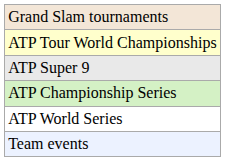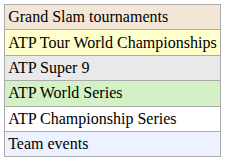 <table class="wikitable">
 <tr bgcolor="#F3E6D7">
 <td>Grand Slam tournaments</td>
 </tr>
 <tr bgcolor="#ffffcc">
 <td>ATP Tour World Championships</td>
 </tr>
 <tr bgcolor="#E9E9E9">
 <td>ATP Super 9</td>
 </tr>
 <tr bgcolor="#D4F1C5">
-<td>ATP Championship Series</td>
+<td>ATP World Series</td>
 </tr>
 <tr bgcolor="#ffffff">
-<td>ATP World Series</td>
+<td>ATP Championship Series</td>
 </tr>
 <tr bgcolor="#ECF2FF">
 <td>Team events</td>
 </tr>
 </table>
